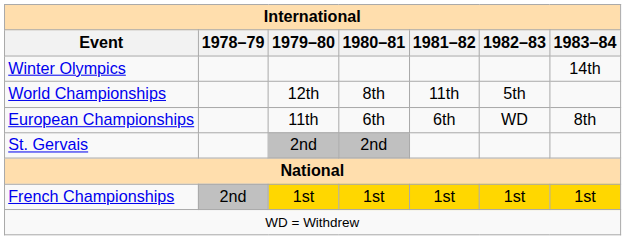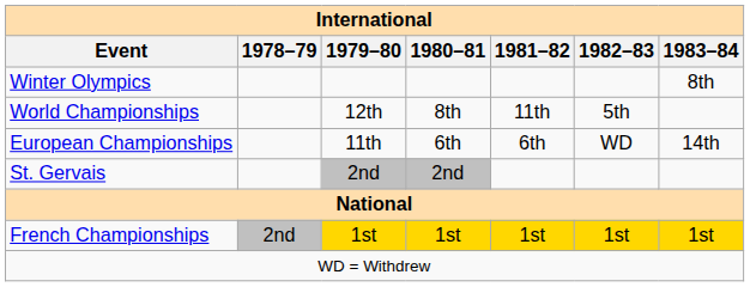 <table class="wikitable" style="text-align:center">
 <tr>
 <th style="background-color: #ffdead; " colspan=7 align=center><strong>International</strong></th>
 </tr>
 <tr>
 <th>Event</th>
 <th>1978–79</th>
 <th>1979–80</th>
 <th>1980–81</th>
 <th>1981–82</th>
 <th>1982–83</th>
 <th>1983–84</th>
 </tr>
 <tr>
 <td align=left><a href='#'>Winter Olympics</a></td>
 <td></td>
 <td></td>
 <td></td>
 <td></td>
 <td></td>
-<td>14th</td>
+<td>8th</td>
 </tr>
 <tr>
 <td align=left><a href='#'>World Championships</a></td>
 <td></td>
 <td>12th</td>
 <td>8th</td>
 <td>11th</td>
 <td>5th</td>
 <td></td>
 </tr>
 <tr>
 <td align=left><a href='#'>European Championships</a></td>
 <td></td>
 <td>11th</td>
 <td>6th</td>
 <td>6th</td>
 <td>WD</td>
-<td>8th</td>
+<td>14th</td>
 </tr>
 <tr>
 <td align=left><a href='#'>St. Gervais</a></td>
 <td></td>
 <td bgcolor=silver>2nd</td>
 <td bgcolor=silver>2nd</td>
 <td></td>
 <td></td>
 <td></td>
 </tr>
 <tr>
 <th style="background-color: #ffdead; " colspan=7 align=center><strong>National</strong></th>
 </tr>
 <tr>
 <td align=left><a href='#'>French Championships</a></td>
 <td bgcolor=silver>2nd</td>
 <td bgcolor=gold>1st</td>
 <td bgcolor=gold>1st</td>
 <td bgcolor=gold>1st</td>
 <td bgcolor=gold>1st</td>
 <td bgcolor=gold>1st</td>
 </tr>
 <tr>
 <td colspan=7 align=center><small> WD = Withdrew </small></td>
 </tr>
 </table>
